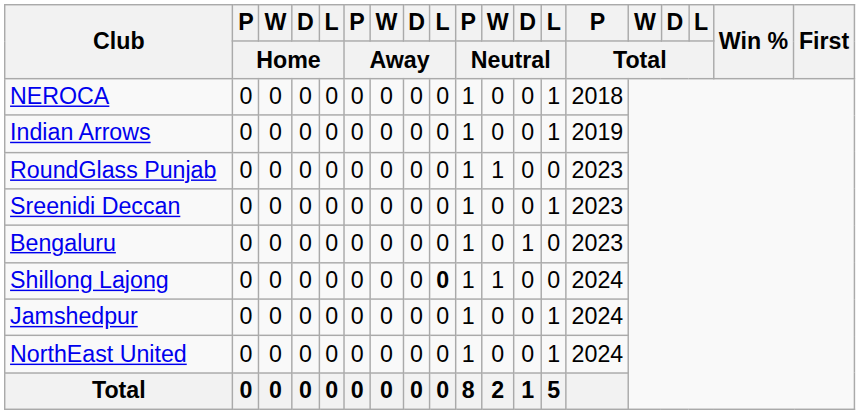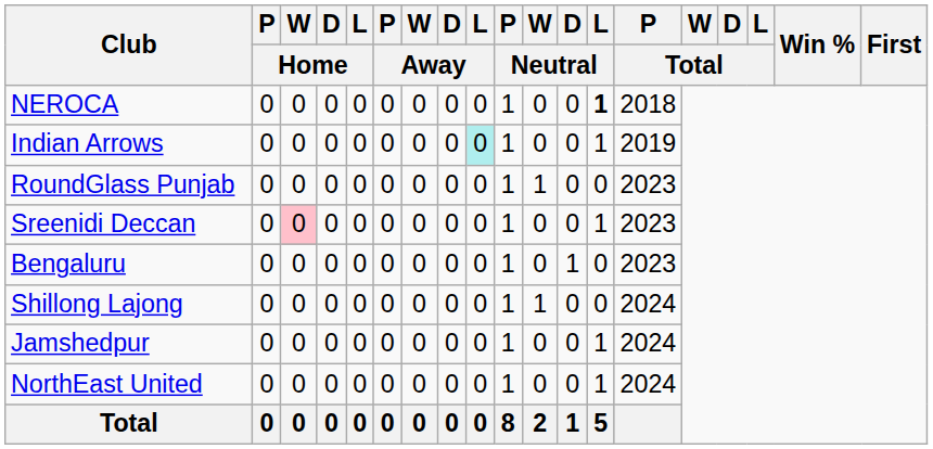 <table class="wikitable sortable" style="text-align:center;">
 <tr>
 <th rowspan="2" width="150">Club</th>
 <th>P</th>
 <th>W</th>
 <th>D</th>
 <th>L</th>
 <th>P</th>
 <th>W</th>
 <th>D</th>
 <th>L</th>
 <th>P</th>
 <th>W</th>
 <th>D</th>
 <th>L</th>
 <th>P</th>
 <th>W</th>
 <th>D</th>
 <th>L</th>
 <th rowspan="2">Win %</th>
 <th rowspan="2">First</th>
 </tr>
 <tr class="unsortable">
 <th colspan="4">Home</th>
 <th colspan="4">Away</th>
 <th colspan="4">Neutral</th>
 <th colspan="4">Total</th>
 </tr>
 <tr>
 <td align="left"><a href='#'>NEROCA</a></td>
 <td>0</td>
 <td>0</td>
 <td>0</td>
 <td>0</td>
 <td>0</td>
 <td>0</td>
 <td>0</td>
 <td>0</td>
 <td>1</td>
 <td>0</td>
 <td>0</td>
-<td>1<br></td>
+<td><strong>1<br></strong></td>
 <td>2018</td>
 </tr>
 <tr>
 <td align="left"><a href='#'>Indian Arrows</a></td>
 <td>0</td>
 <td>0</td>
 <td>0</td>
 <td>0</td>
 <td>0</td>
 <td>0</td>
 <td>0</td>
-<td>0</td>
+<td style="background: paleturquoise;">0</td>
 <td>1</td>
 <td>0</td>
 <td>0</td>
 <td>1<br></td>
 <td>2019</td>
 </tr>
 <tr>
 <td align="left"><a href='#'>RoundGlass Punjab</a></td>
 <td>0</td>
 <td>0</td>
 <td>0</td>
 <td>0</td>
 <td>0</td>
 <td>0</td>
 <td>0</td>
 <td>0</td>
 <td>1</td>
 <td>1</td>
 <td>0</td>
 <td>0<br></td>
 <td>2023</td>
 </tr>
 <tr>
 <td align="left"><a href='#'>Sreenidi Deccan</a></td>
 <td>0</td>
-<td>0</td>
+<td style="background: pink;">0</td>
 <td>0</td>
 <td>0</td>
 <td>0</td>
 <td>0</td>
 <td>0</td>
 <td>0</td>
 <td>1</td>
 <td>0</td>
 <td>0</td>
 <td>1<br></td>
 <td>2023</td>
 </tr>
 <tr>
 <td align="left"><a href='#'>Bengaluru</a></td>
 <td>0</td>
 <td>0</td>
 <td>0</td>
 <td>0</td>
 <td>0</td>
 <td>0</td>
 <td>0</td>
 <td>0</td>
 <td>1</td>
 <td>0</td>
 <td>1</td>
 <td>0<br></td>
 <td>2023</td>
 </tr>
 <tr>
 <td align="left"><a href='#'>Shillong Lajong</a></td>
 <td>0</td>
 <td>0</td>
 <td>0</td>
 <td>0</td>
 <td>0</td>
 <td>0</td>
 <td>0</td>
-<td><strong>0</strong></td>
+<td>0</td>
 <td>1</td>
 <td>1</td>
 <td>0</td>
 <td>0<br></td>
 <td>2024</td>
 </tr>
 <tr>
 <td align="left"><a href='#'>Jamshedpur</a></td>
 <td>0</td>
 <td>0</td>
 <td>0</td>
 <td>0</td>
 <td>0</td>
 <td>0</td>
 <td>0</td>
 <td>0</td>
 <td>1</td>
 <td>0</td>
 <td>0</td>
 <td>1<br></td>
 <td>2024</td>
 </tr>
 <tr>
 <td align="left"><a href='#'>NorthEast United</a></td>
 <td>0</td>
 <td>0</td>
 <td>0</td>
 <td>0</td>
 <td>0</td>
 <td>0</td>
 <td>0</td>
 <td>0</td>
 <td>1</td>
 <td>0</td>
 <td>0</td>
 <td>1<br></td>
 <td>2024</td>
 </tr>
 <tr>
 <th align="left">Total</th>
 <th>0</th>
 <th>0</th>
 <th>0</th>
 <th>0</th>
 <th>0</th>
 <th>0</th>
 <th>0</th>
 <th>0</th>
 <th>8</th>
 <th>2</th>
 <th>1</th>
 <th>5<br></th>
 <th></th>
 </tr>
 </table>
